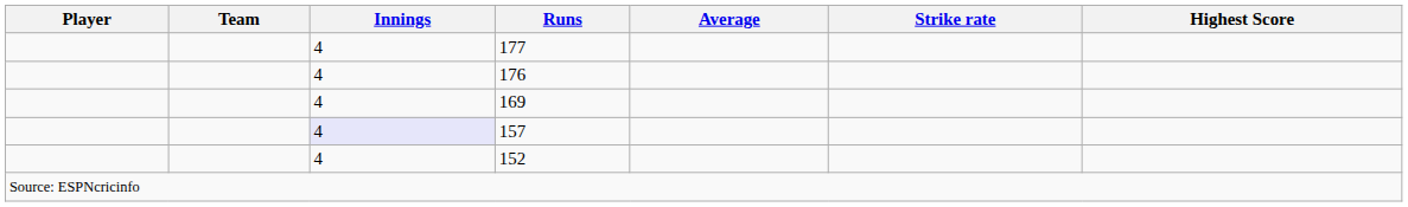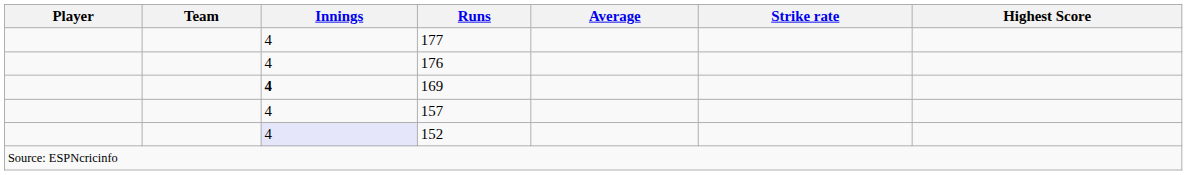 <table class="wikitable sortable" style="width:80%;">
 <tr>
 <th>Player</th>
 <th>Team</th>
 <th><a href='#'>Innings</a></th>
 <th><a href='#'>Runs</a></th>
 <th><a href='#'>Average</a></th>
 <th><a href='#'>Strike rate</a></th>
 <th>Highest Score</th>
 </tr>
 <tr>
 <td></td>
 <td></td>
 <td>4</td>
 <td>177</td>
 <td></td>
 <td></td>
 <td></td>
 </tr>
 <tr>
 <td></td>
 <td></td>
 <td>4</td>
 <td>176</td>
 <td></td>
 <td></td>
 <td></td>
 </tr>
 <tr>
 <td></td>
 <td></td>
-<td>4</td>
+<td><strong>4</strong></td>
 <td>169</td>
 <td></td>
 <td></td>
 <td></td>
 </tr>
 <tr>
 <td></td>
 <td></td>
-<td style="background: lavender;">4</td>
+<td>4</td>
 <td>157</td>
 <td></td>
 <td></td>
 <td></td>
 </tr>
 <tr>
 <td></td>
 <td></td>
-<td>4</td>
+<td style="background: lavender;">4</td>
 <td>152</td>
 <td></td>
 <td></td>
 <td></td>
 </tr>
 <tr class="unsortable">
 <td colspan="8"><small> Source: ESPNcricinfo</small></td>
 </tr>
 </table>
